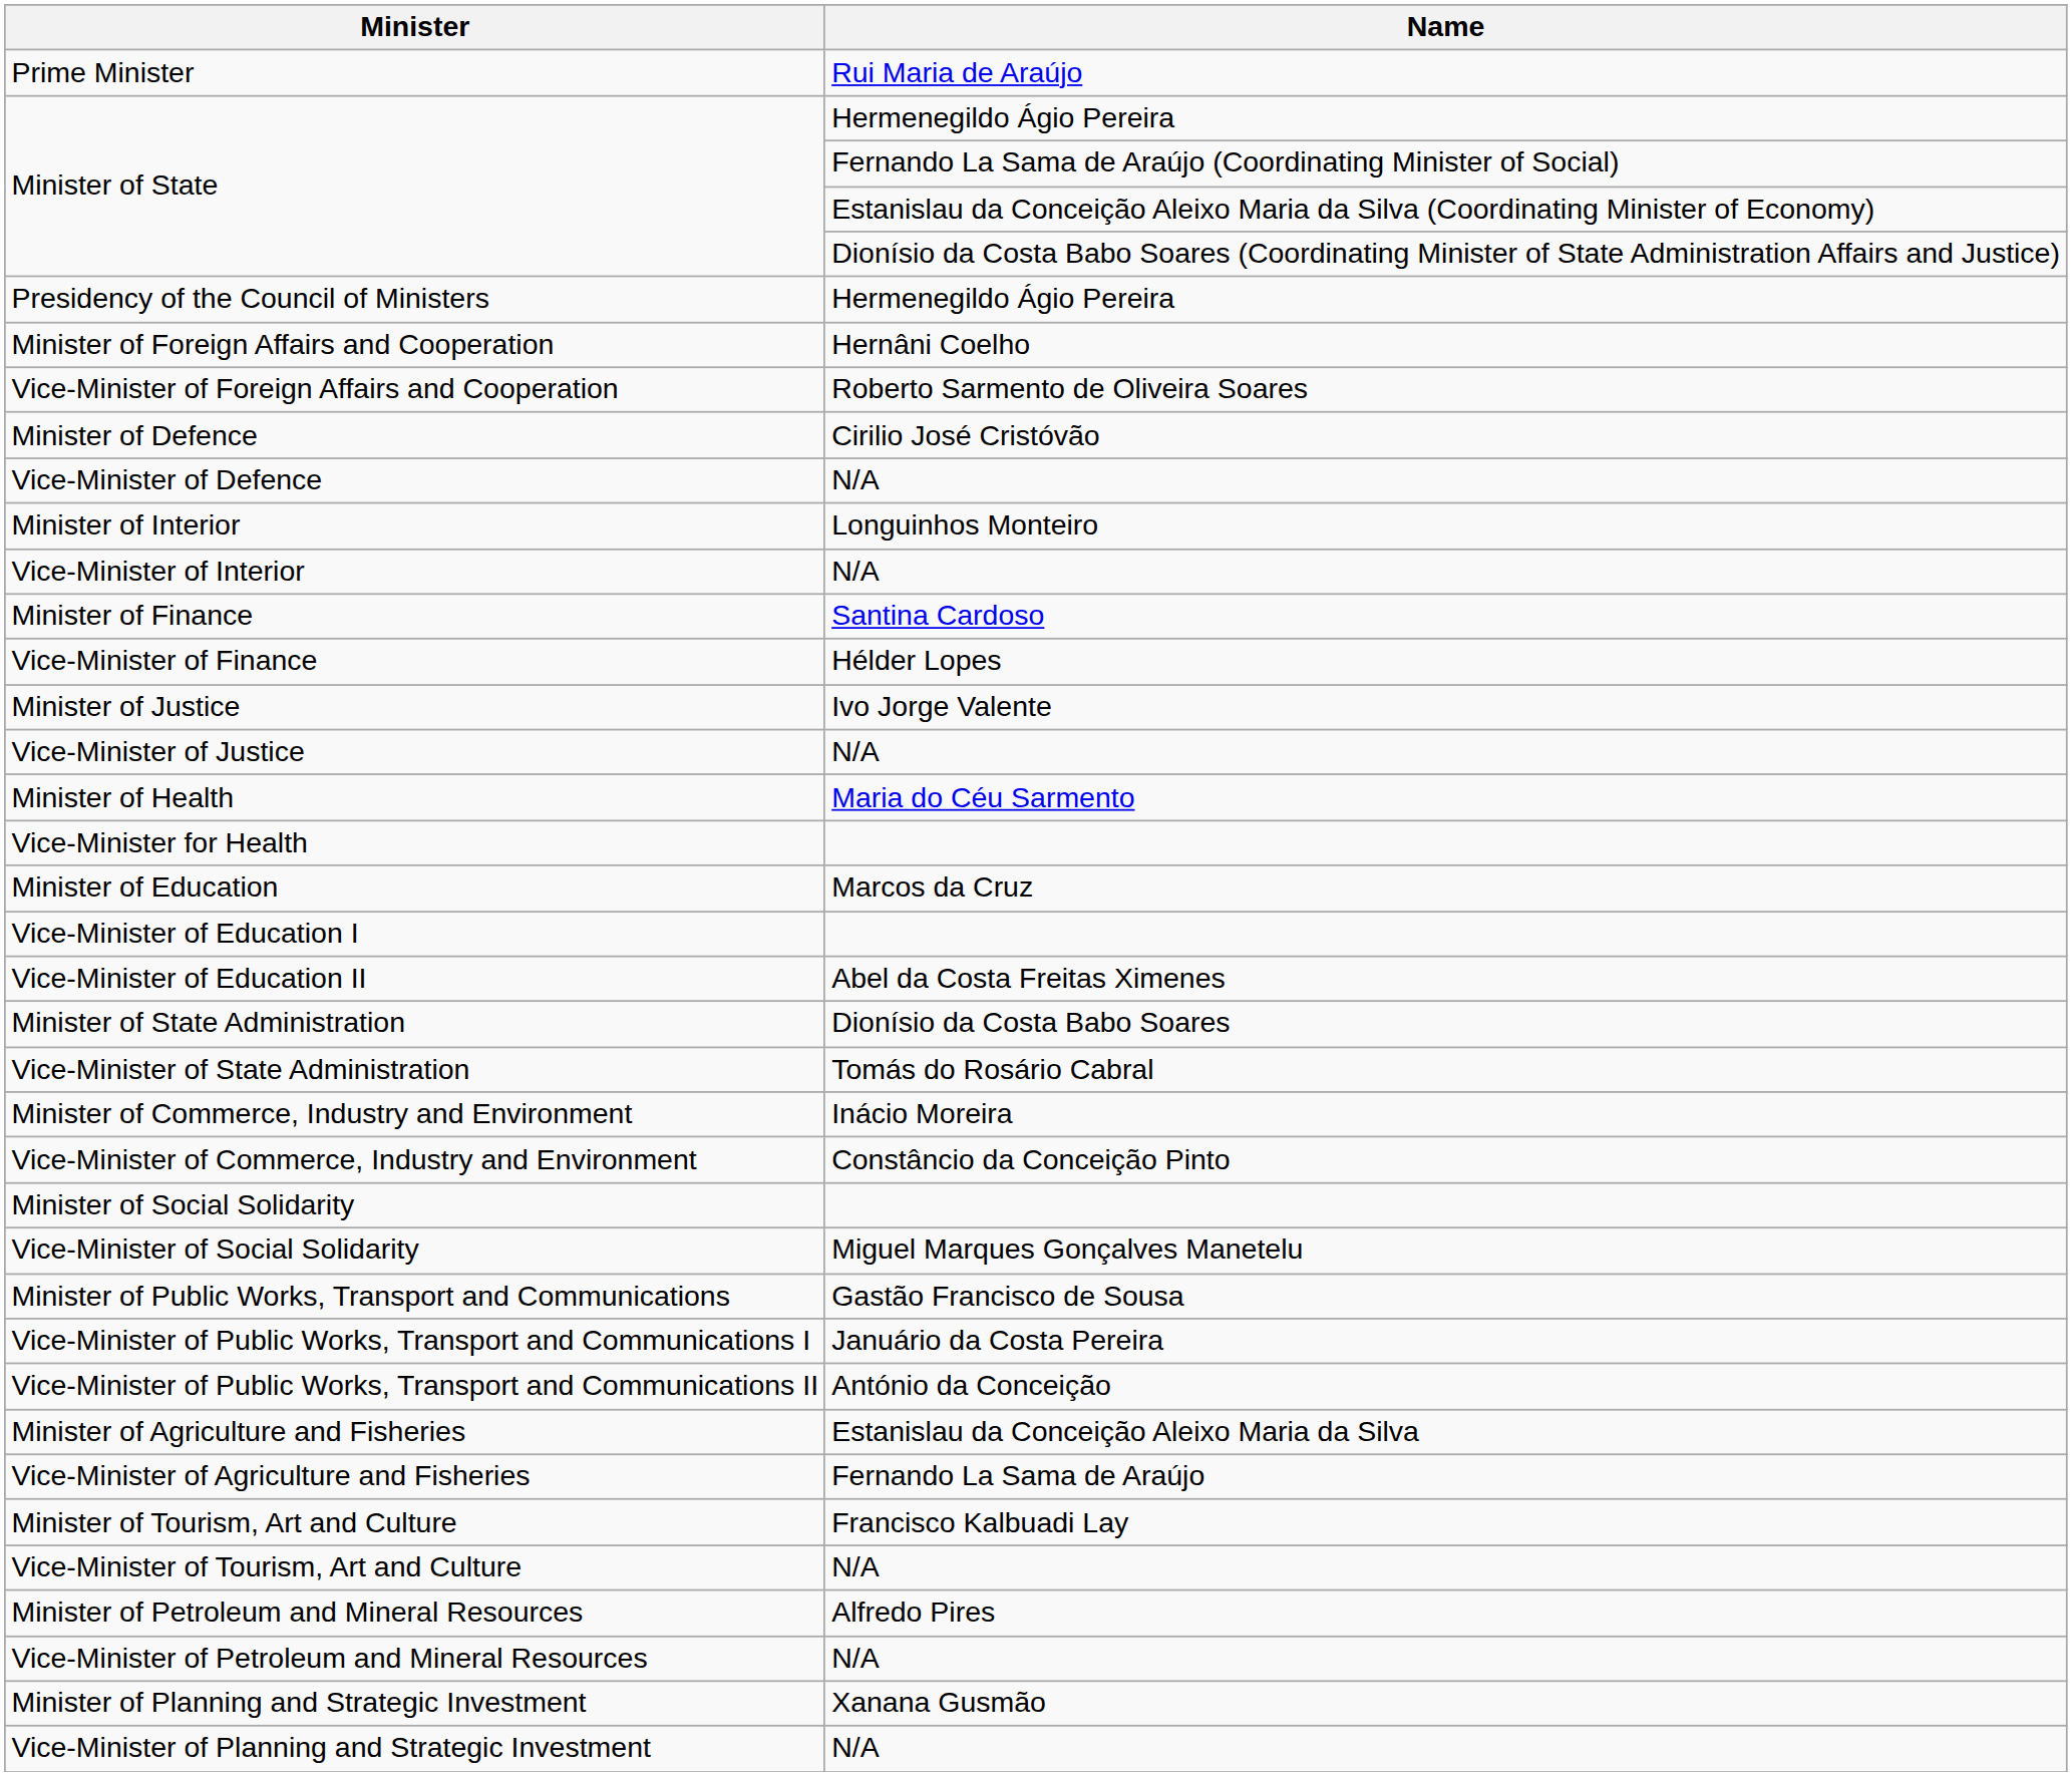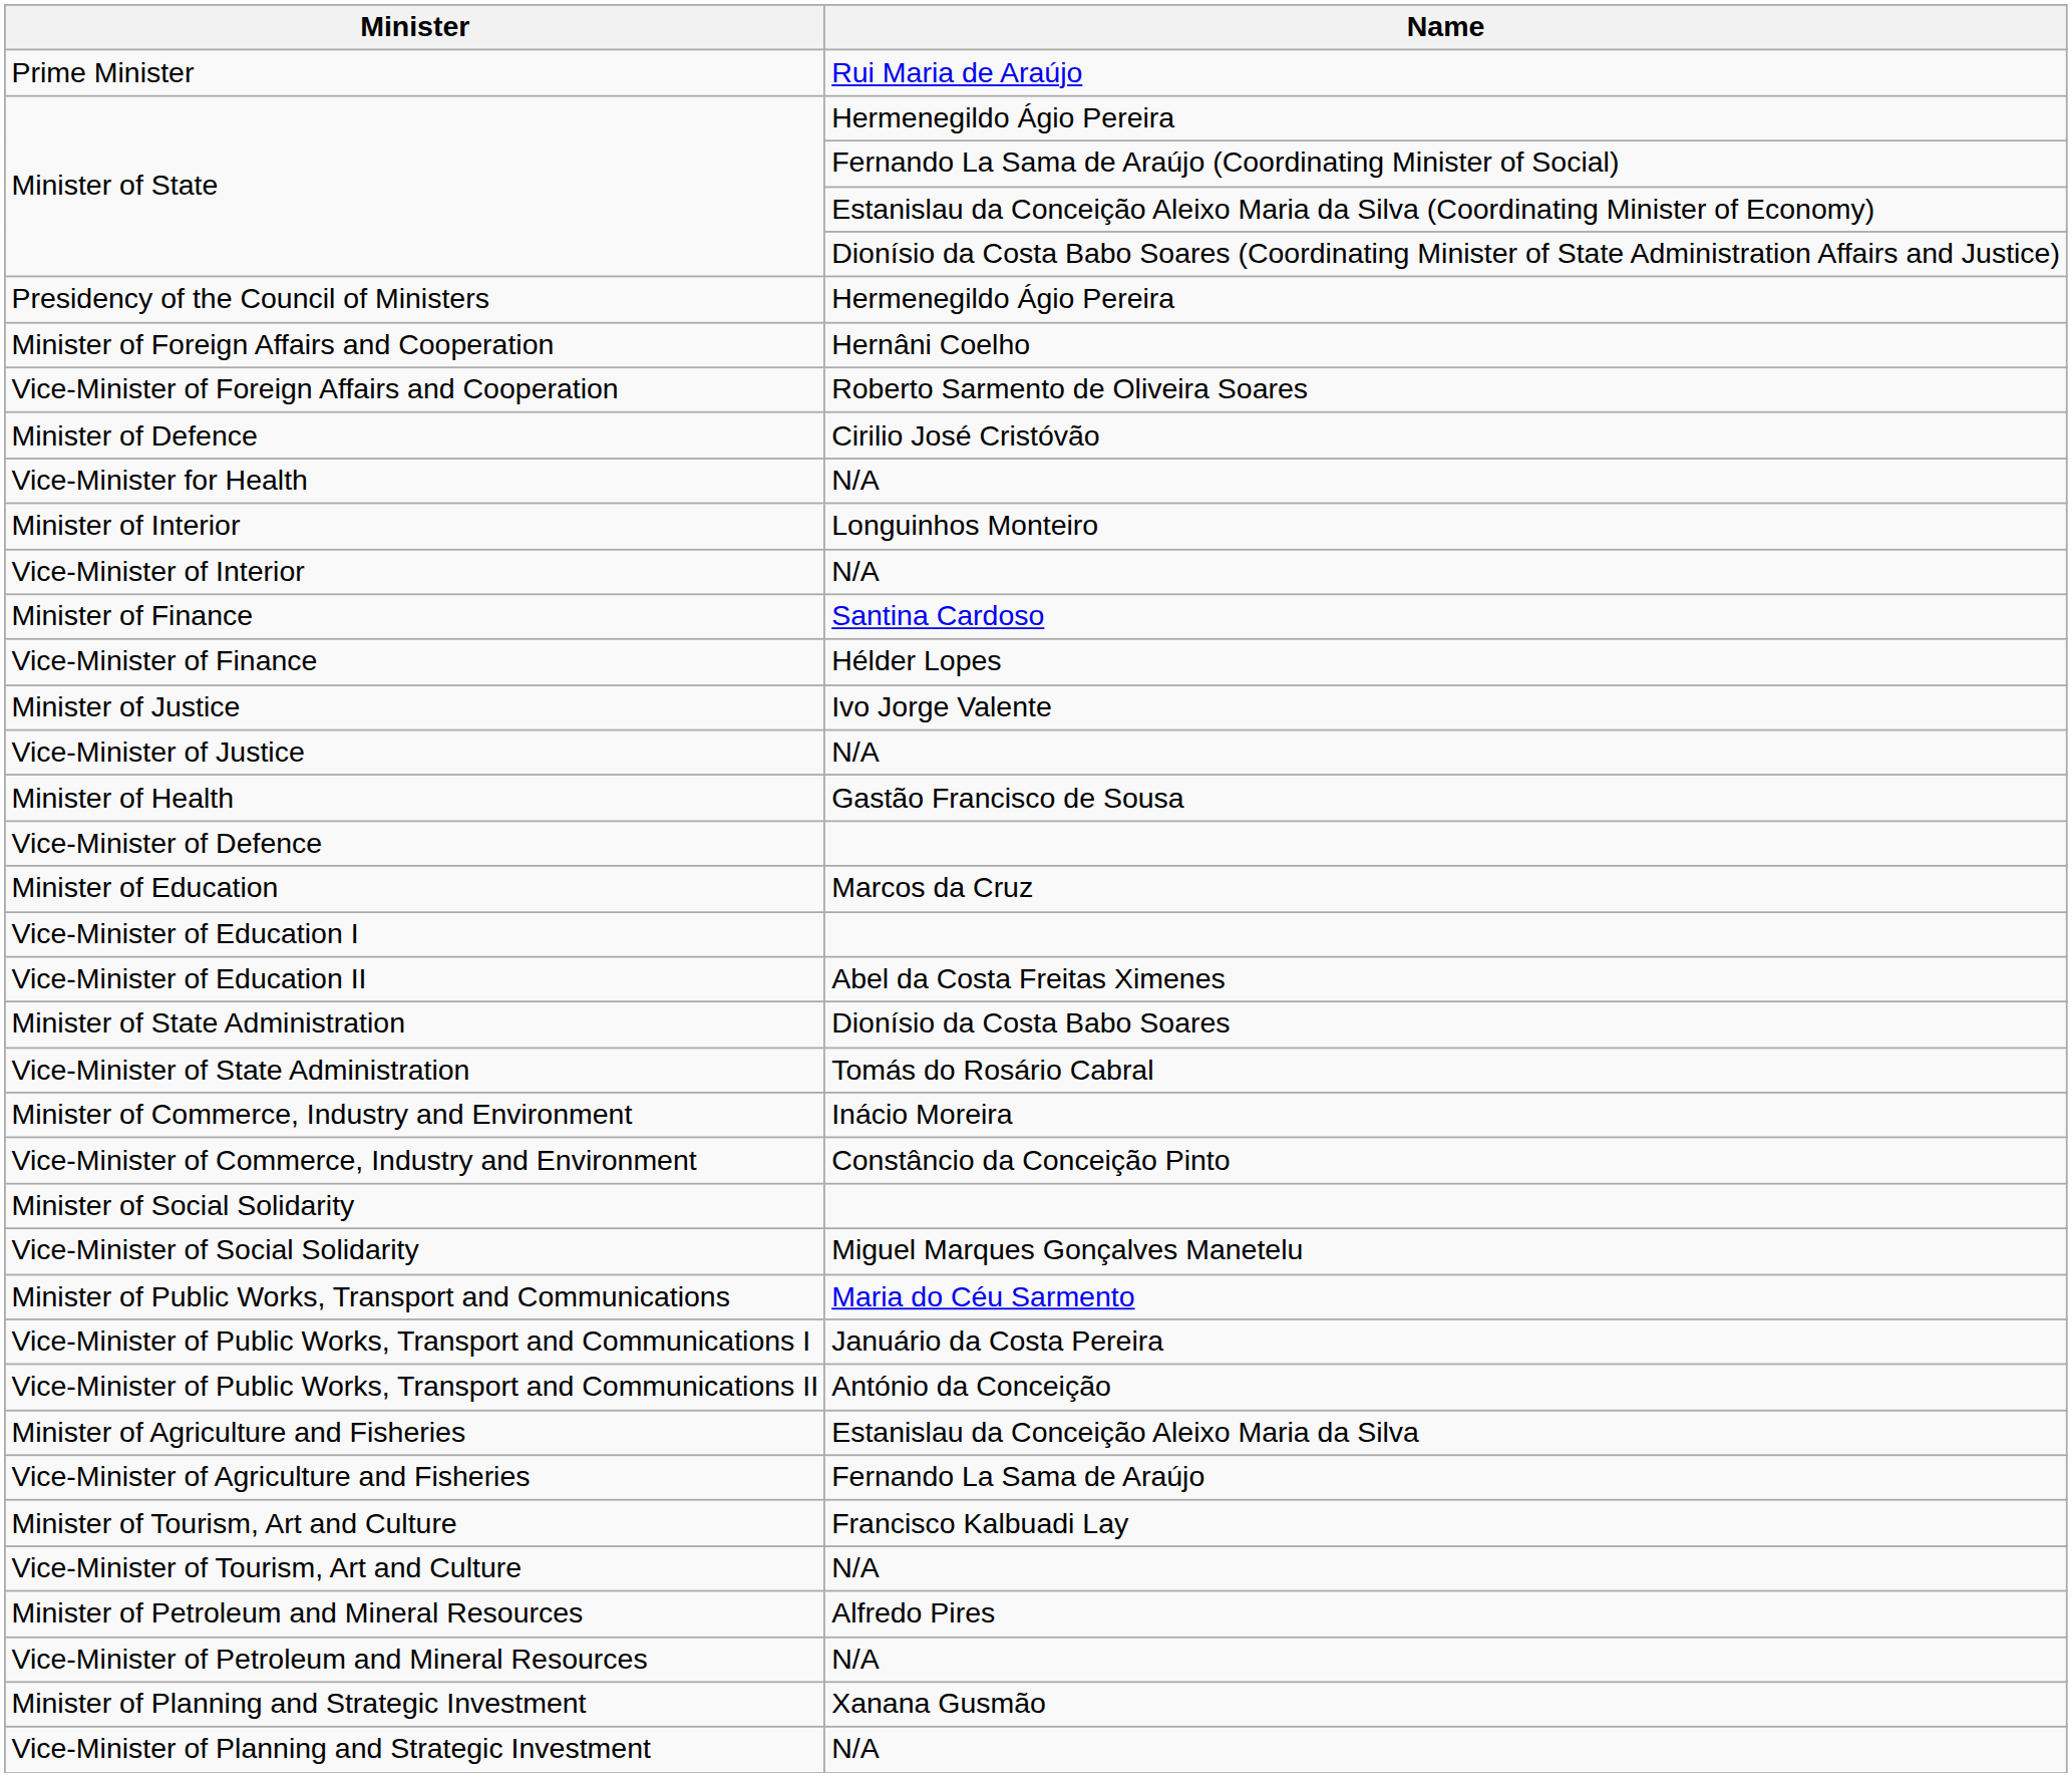 <table class="wikitable sortable">
 <tr>
 <th>Minister</th>
 <th>Name</th>
 </tr>
 <tr>
 <td>Prime Minister</td>
 <td><a href='#'>Rui Maria de Araújo</a></td>
 </tr>
 <tr>
 <td rowspan=4>Minister of State</td>
 <td>Hermenegildo Ágio Pereira</td>
 </tr>
 <tr>
 <td>Fernando La Sama de Araújo (Coordinating Minister of Social)</td>
 </tr>
 <tr>
 <td>Estanislau da Conceição Aleixo Maria da Silva (Coordinating Minister of Economy)</td>
 </tr>
 <tr>
 <td>Dionísio da Costa Babo Soares (Coordinating Minister of State Administration Affairs and Justice)</td>
 </tr>
 <tr>
 <td>Presidency of the Council of Ministers</td>
 <td>Hermenegildo Ágio Pereira</td>
 </tr>
 <tr>
 <td>Minister of Foreign Affairs and Cooperation</td>
 <td>Hernâni Coelho</td>
 </tr>
 <tr>
 <td>Vice-Minister of Foreign Affairs and Cooperation</td>
 <td>Roberto Sarmento de Oliveira Soares</td>
 </tr>
 <tr>
 <td>Minister of Defence</td>
 <td>Cirilio José Cristóvão</td>
 </tr>
 <tr>
-<td>Vice-Minister of Defence</td>
+<td>Vice-Minister for Health</td>
 <td>N/A</td>
 </tr>
 <tr>
 <td>Minister of Interior</td>
 <td>Longuinhos Monteiro</td>
 </tr>
 <tr>
 <td>Vice-Minister of Interior</td>
 <td>N/A</td>
 </tr>
 <tr>
 <td>Minister of Finance</td>
 <td><a href='#'>Santina Cardoso</a></td>
 </tr>
 <tr>
 <td>Vice-Minister of Finance</td>
 <td>Hélder Lopes</td>
 </tr>
 <tr>
 <td>Minister of Justice</td>
 <td>Ivo Jorge Valente</td>
 </tr>
 <tr>
 <td>Vice-Minister of Justice</td>
 <td>N/A</td>
 </tr>
 <tr>
 <td>Minister of Health</td>
-<td><a href='#'>Maria do Céu Sarmento</a></td>
+<td>Gastão Francisco de Sousa</td>
 </tr>
 <tr>
-<td>Vice-Minister for Health</td>
+<td>Vice-Minister of Defence</td>
 <td></td>
 </tr>
 <tr>
 <td>Minister of Education</td>
 <td>Marcos da Cruz</td>
 </tr>
 <tr>
 <td>Vice-Minister of Education I</td>
 <td></td>
 </tr>
 <tr>
 <td>Vice-Minister of Education II</td>
 <td>Abel da Costa Freitas Ximenes</td>
 </tr>
 <tr>
 <td>Minister of State Administration</td>
 <td>Dionísio da Costa Babo Soares</td>
 </tr>
 <tr>
 <td>Vice-Minister of State Administration</td>
 <td>Tomás do Rosário Cabral</td>
 </tr>
 <tr>
 <td>Minister of Commerce, Industry and Environment</td>
 <td>Inácio Moreira</td>
 </tr>
 <tr>
 <td>Vice-Minister of Commerce, Industry and Environment</td>
 <td>Constâncio da Conceição Pinto</td>
 </tr>
 <tr>
 <td>Minister of Social Solidarity</td>
 <td></td>
 </tr>
 <tr>
 <td>Vice-Minister of Social Solidarity</td>
 <td>Miguel Marques Gonçalves Manetelu</td>
 </tr>
 <tr>
 <td>Minister of Public Works, Transport and Communications</td>
-<td>Gastão Francisco de Sousa</td>
+<td><a href='#'>Maria do Céu Sarmento</a></td>
 </tr>
 <tr>
 <td>Vice-Minister of Public Works, Transport and Communications I</td>
 <td>Januário da Costa Pereira</td>
 </tr>
 <tr>
 <td>Vice-Minister of Public Works, Transport and Communications II</td>
 <td>António da Conceição</td>
 </tr>
 <tr>
 <td>Minister of Agriculture and Fisheries</td>
 <td>Estanislau da Conceição Aleixo Maria da Silva</td>
 </tr>
 <tr>
 <td>Vice-Minister of Agriculture and Fisheries</td>
 <td>Fernando La Sama de Araújo</td>
 </tr>
 <tr>
 <td>Minister of Tourism, Art and Culture</td>
 <td>Francisco Kalbuadi Lay</td>
 </tr>
 <tr>
 <td>Vice-Minister of Tourism, Art and Culture</td>
 <td>N/A</td>
 </tr>
 <tr>
 <td>Minister of Petroleum and Mineral Resources</td>
 <td>Alfredo Pires</td>
 </tr>
 <tr>
 <td>Vice-Minister of Petroleum and Mineral Resources</td>
 <td>N/A</td>
 </tr>
 <tr>
 <td>Minister of Planning and Strategic Investment</td>
 <td>Xanana Gusmão</td>
 </tr>
 <tr>
 <td>Vice-Minister of Planning and Strategic Investment</td>
 <td>N/A</td>
 </tr>
 </table>
